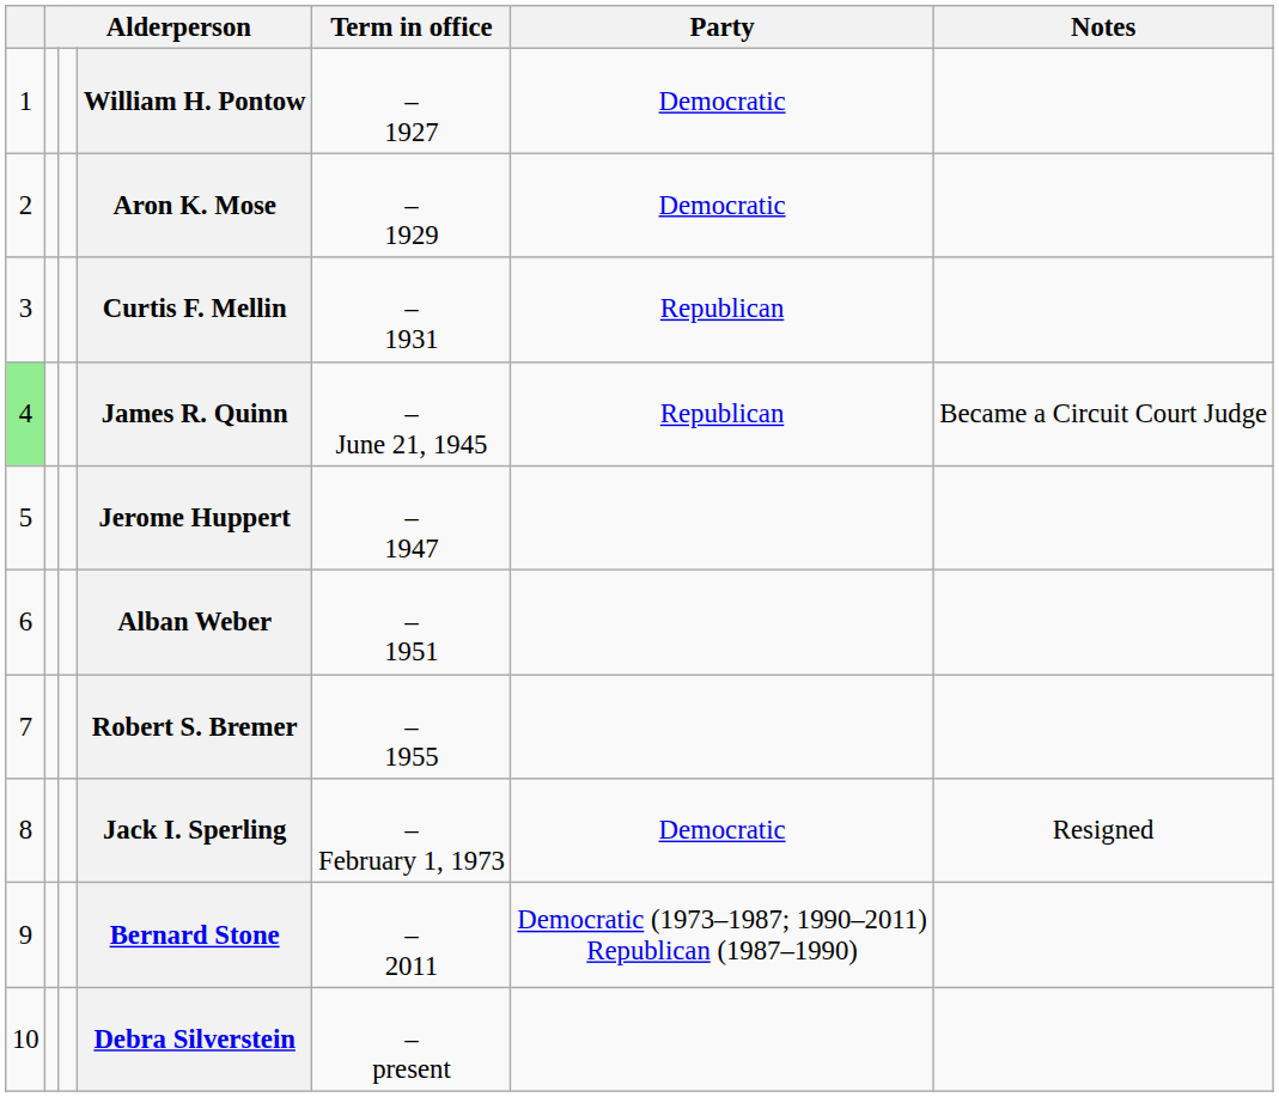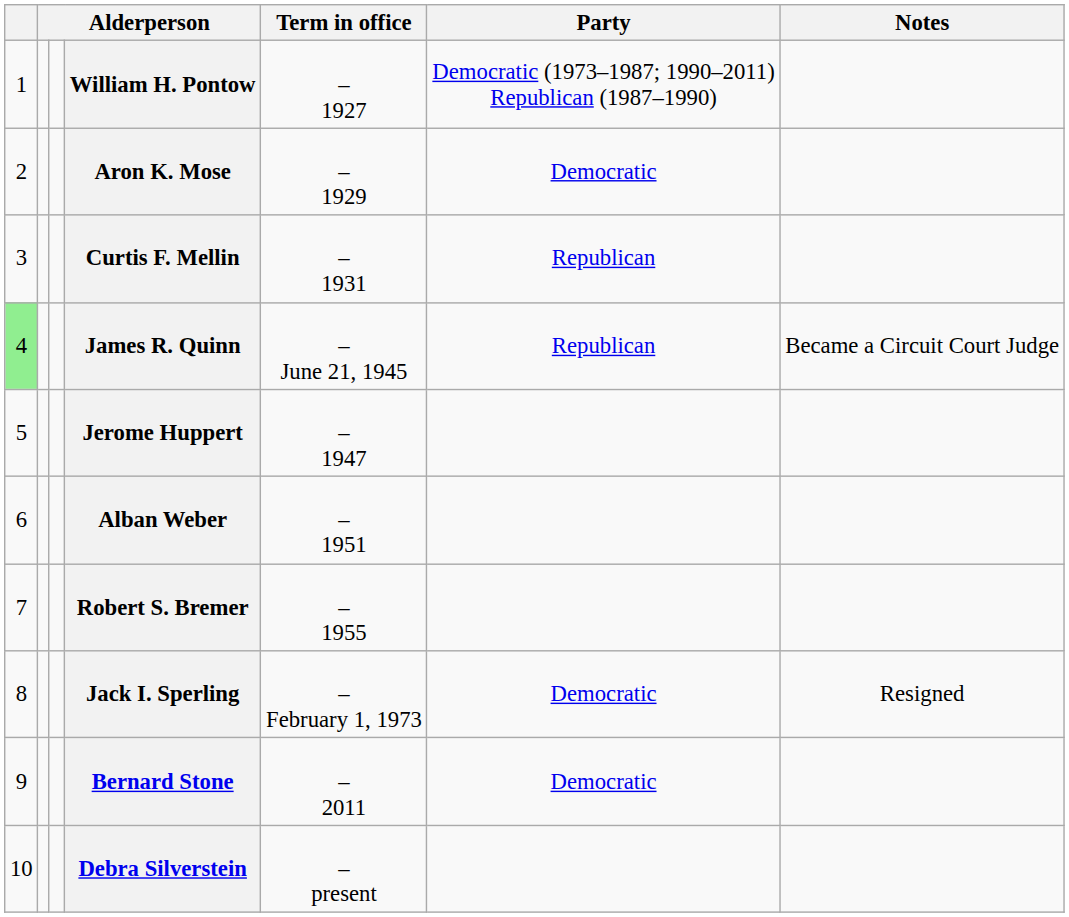 <table class="wikitable sortable" style="text-align:center;">
 <tr>
 <th scope="col"></th>
 <th scope="col" colspan="3">Alderperson</th>
 <th scope="col">Term in office</th>
 <th scope="col">Party</th>
 <th scope="col">Notes</th>
 </tr>
 <tr style="height:2em;">
 <td>1</td>
 <td></td>
 <td> </td>
 <th scope="row">William H. Pontow</th>
 <td><br>–<br>1927</td>
-<td><a href='#'>Democratic</a></td>
+<td><a href='#'>Democratic</a> (1973–1987; 1990–2011)<br><a href='#'>Republican</a> (1987–1990)</td>
 <td></td>
 </tr>
 <tr style="height:2em;">
 <td>2</td>
 <td></td>
 <td> </td>
 <th scope="row">Aron K. Mose</th>
 <td><br>–<br>1929</td>
 <td><a href='#'>Democratic</a></td>
 <td></td>
 </tr>
 <tr style="height:2em;">
 <td>3</td>
 <td></td>
 <td> </td>
 <th scope="row">Curtis F. Mellin</th>
 <td><br>–<br>1931</td>
 <td><a href='#'>Republican</a></td>
 <td></td>
 </tr>
 <tr style="height:2em;">
 <td style="background: lightgreen;">4</td>
 <td></td>
 <td> </td>
 <th scope="row">James R. Quinn</th>
 <td><br>–<br>June 21, 1945</td>
 <td><a href='#'>Republican</a></td>
 <td>Became a Circuit Court Judge</td>
 </tr>
 <tr style="height:2em;">
 <td>5</td>
 <td></td>
 <td></td>
 <th scope="row">Jerome Huppert</th>
 <td><br>–<br>1947</td>
 <td></td>
 <td></td>
 </tr>
 <tr style="height:2em;">
 <td>6</td>
 <td></td>
 <td></td>
 <th scope="row">Alban Weber</th>
 <td><br>–<br>1951</td>
 <td></td>
 <td></td>
 </tr>
 <tr style="height:2em;">
 <td>7</td>
 <td></td>
 <td></td>
 <th scope="row">Robert S. Bremer</th>
 <td><br>–<br>1955</td>
 <td></td>
 <td></td>
 </tr>
 <tr style="height:2em;">
 <td>8</td>
 <td></td>
 <td> </td>
 <th scope="row">Jack I. Sperling</th>
 <td><br>–<br>February 1, 1973</td>
 <td><a href='#'>Democratic</a></td>
 <td>Resigned</td>
 </tr>
 <tr style="height:2em;">
 <td>9</td>
 <td></td>
 <td> </td>
 <th scope="row"><a href='#'>Bernard Stone</a></th>
 <td><br>–<br>2011</td>
-<td><a href='#'>Democratic</a> (1973–1987; 1990–2011)<br><a href='#'>Republican</a> (1987–1990)</td>
+<td><a href='#'>Democratic</a></td>
 <td></td>
 </tr>
 <tr style="height:2em;">
 <td>10</td>
 <td></td>
 <td></td>
 <th scope="row"><a href='#'>Debra Silverstein</a></th>
 <td><br>–<br>present</td>
 <td></td>
 <td></td>
 </tr>
 </table>
